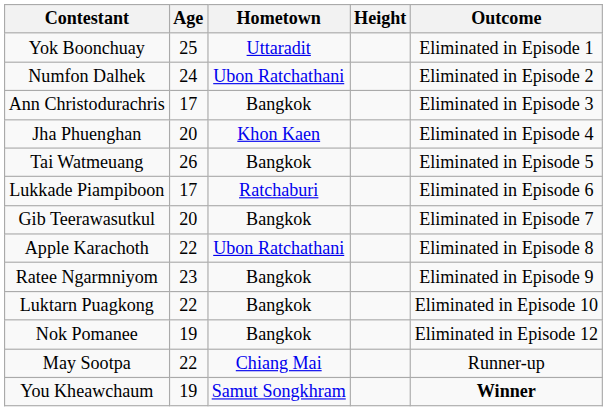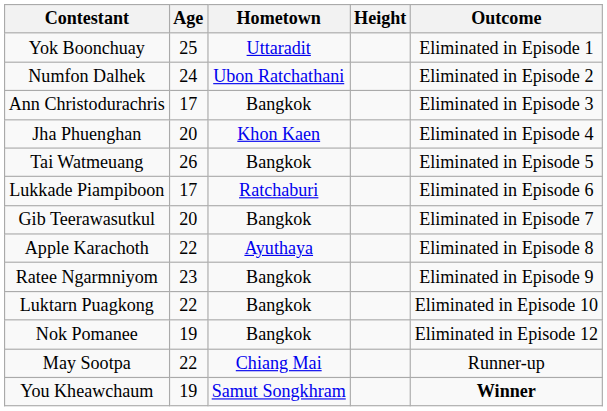 <table class="wikitable sortable" style="text-align:center;">
 <tr>
 <th>Contestant</th>
 <th>Age</th>
 <th>Hometown</th>
 <th>Height</th>
 <th>Outcome</th>
 </tr>
 <tr>
 <td>Yok Boonchuay</td>
 <td>25</td>
 <td><a href='#'>Uttaradit</a></td>
 <td></td>
 <td>Eliminated in Episode 1</td>
 </tr>
 <tr>
 <td>Numfon Dalhek</td>
 <td>24</td>
 <td><a href='#'>Ubon Ratchathani</a></td>
 <td></td>
 <td>Eliminated in Episode 2</td>
 </tr>
 <tr>
 <td>Ann Christodurachris</td>
 <td>17</td>
 <td>Bangkok</td>
 <td></td>
 <td>Eliminated in Episode 3</td>
 </tr>
 <tr>
 <td>Jha Phuenghan</td>
 <td>20</td>
 <td><a href='#'>Khon Kaen</a></td>
 <td></td>
 <td>Eliminated in Episode 4</td>
 </tr>
 <tr>
 <td>Tai Watmeuang</td>
 <td>26</td>
 <td>Bangkok</td>
 <td></td>
 <td>Eliminated in Episode 5</td>
 </tr>
 <tr>
 <td>Lukkade Piampiboon</td>
 <td>17</td>
 <td><a href='#'>Ratchaburi</a></td>
 <td></td>
 <td>Eliminated in Episode 6</td>
 </tr>
 <tr>
 <td>Gib Teerawasutkul</td>
 <td>20</td>
 <td>Bangkok</td>
 <td></td>
 <td>Eliminated in Episode 7</td>
 </tr>
 <tr>
 <td>Apple Karachoth</td>
 <td>22</td>
-<td><a href='#'>Ubon Ratchathani</a></td>
+<td><a href='#'>Ayuthaya</a></td>
 <td></td>
 <td>Eliminated in Episode 8</td>
 </tr>
 <tr>
 <td>Ratee Ngarmniyom</td>
 <td>23</td>
 <td>Bangkok</td>
 <td></td>
 <td>Eliminated in Episode 9</td>
 </tr>
 <tr>
 <td>Luktarn Puagkong</td>
 <td>22</td>
 <td>Bangkok</td>
 <td></td>
 <td>Eliminated in Episode 10</td>
 </tr>
 <tr>
 <td>Nok Pomanee</td>
 <td>19</td>
 <td>Bangkok</td>
 <td></td>
 <td>Eliminated in Episode 12</td>
 </tr>
 <tr>
 <td>May Sootpa</td>
 <td>22</td>
 <td><a href='#'>Chiang Mai</a></td>
 <td></td>
 <td>Runner-up</td>
 </tr>
 <tr>
 <td>You Kheawchaum</td>
 <td>19</td>
 <td><a href='#'>Samut Songkhram</a></td>
 <td></td>
 <td><strong>Winner</strong></td>
 </tr>
 </table>
